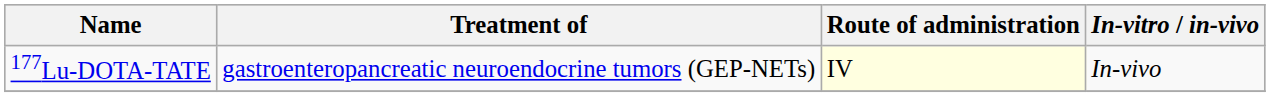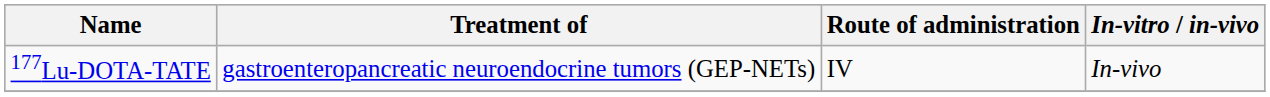 <table class="wikitable" style="font-size:95%">
 <tr>
 <th>Name</th>
 <th>Treatment of</th>
 <th>Route of administration</th>
 <th><em>In-vitro</em> / <em>in-vivo</em></th>
 </tr>
 <tr>
 <td><a href='#'><sup>177</sup>Lu-DOTA-TATE</a></td>
 <td><a href='#'>gastroenteropancreatic neuroendocrine tumors</a> (GEP-NETs)</td>
-<td style="background: lightyellow;">IV</td>
+<td>IV</td>
 <td><em>In-vivo</em></td>
 </tr>
 <tr>
 </tr>
 </table>
